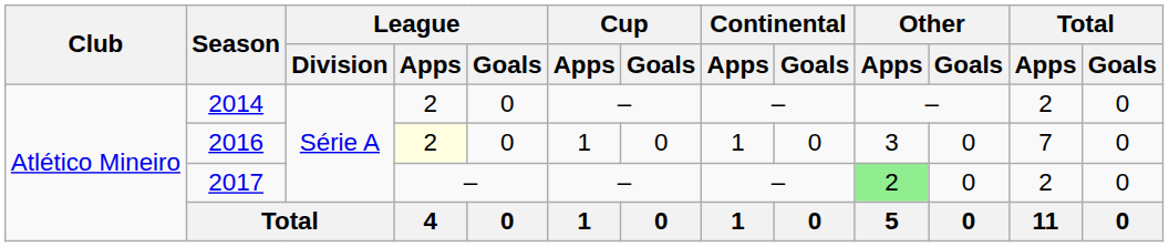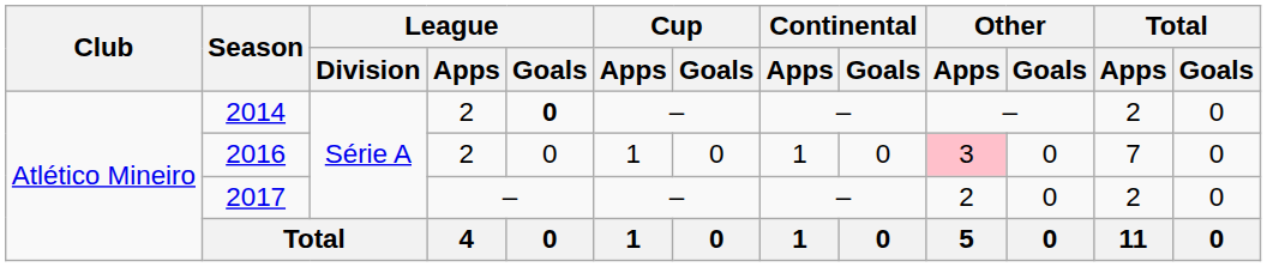 <table class="wikitable" style="text-align: center">
 <tr>
 <th rowspan="2">Club</th>
 <th rowspan="2">Season</th>
 <th colspan="3">League</th>
 <th colspan="2">Cup</th>
 <th colspan="2">Continental</th>
 <th colspan="2">Other</th>
 <th colspan="2">Total</th>
 </tr>
 <tr>
 <th>Division</th>
 <th>Apps</th>
 <th>Goals</th>
 <th>Apps</th>
 <th>Goals</th>
 <th>Apps</th>
 <th>Goals</th>
 <th>Apps</th>
 <th>Goals</th>
 <th>Apps</th>
 <th>Goals</th>
 </tr>
 <tr>
 <td rowspan="4"><a href='#'>Atlético Mineiro</a></td>
 <td><a href='#'>2014</a></td>
 <td rowspan="3"><a href='#'>Série A</a></td>
 <td>2</td>
-<td>0</td>
+<td><strong>0</strong></td>
 <td colspan="2">–</td>
 <td colspan="2">–</td>
 <td colspan="2">–</td>
 <td>2</td>
 <td>0</td>
 </tr>
 <tr>
 <td><a href='#'>2016</a></td>
-<td style="background: lightyellow;">2</td>
+<td>2</td>
 <td>0</td>
 <td>1</td>
 <td>0</td>
 <td>1</td>
 <td>0</td>
-<td>3</td>
+<td style="background: pink;">3</td>
 <td>0</td>
 <td>7</td>
 <td>0</td>
 </tr>
 <tr>
 <td><a href='#'>2017</a></td>
 <td colspan="2">–</td>
 <td colspan="2">–</td>
 <td colspan="2">–</td>
-<td style="background: lightgreen;">2</td>
+<td>2</td>
 <td>0</td>
 <td>2</td>
 <td>0</td>
 </tr>
 <tr>
 <th colspan="2"><strong>Total</strong></th>
 <th>4</th>
 <th>0</th>
 <th>1</th>
 <th>0</th>
 <th>1</th>
 <th>0</th>
 <th>5</th>
 <th>0</th>
 <th>11</th>
 <th>0</th>
 </tr>
 </table>
